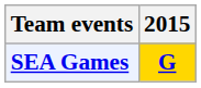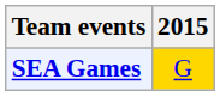 <table class="wikitable" style="font-size: 90%; text-align:center">
 <tr>
 <th>Team events</th>
 <th>2015</th>
 </tr>
 <tr>
 <td bgcolor="#ECF2FF"; align="left"><strong><a href='#'>SEA Games</a></strong></td>
-<td bgcolor=gold><strong><a href='#'>G</a></strong></td>
+<td bgcolor=gold><a href='#'>G</a></td>
 </tr>
 </table>
